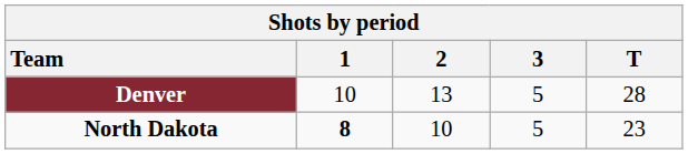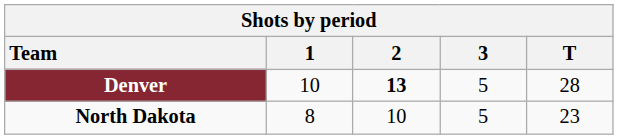 <table class="wikitable" style="width:30em; text-align:right;">
 <tr>
 <th colspan=6>Shots by period</th>
 </tr>
 <tr>
 <th style="width:10em; text-align:left;">Team</th>
 <th style="width:3em;">1</th>
 <th style="width:3em;">2</th>
 <th style="width:3em;">3</th>
 <th style="width:3em;">T</th>
 </tr>
 <tr>
 <td align=center style="color:white; background:#862633; "><strong>Denver</strong></td>
 <td align=center>10</td>
-<td align=center>13</td>
+<td align=center><strong>13</strong></td>
 <td align=center>5</td>
 <td align=center>28</td>
 </tr>
 <tr>
 <td align=center><strong>North Dakota</strong></td>
-<td align=center><strong>8</strong></td>
+<td align=center>8</td>
 <td align=center>10</td>
 <td align=center>5</td>
 <td align=center>23</td>
 </tr>
 </table>
